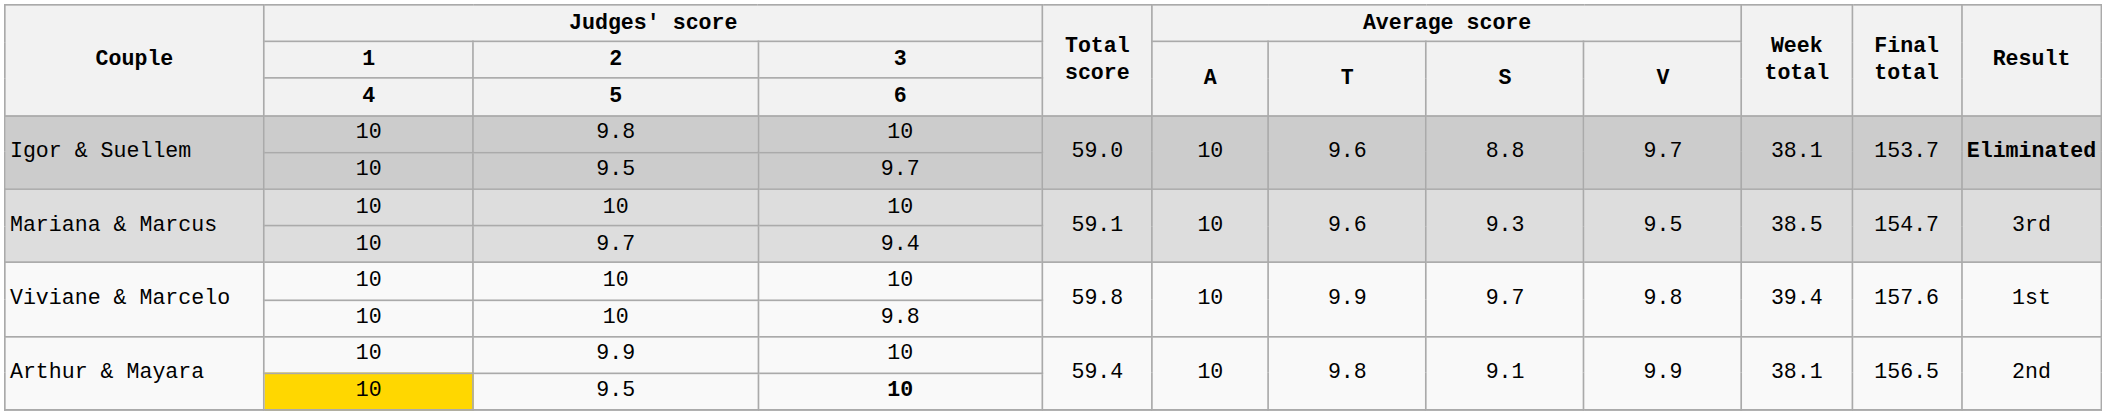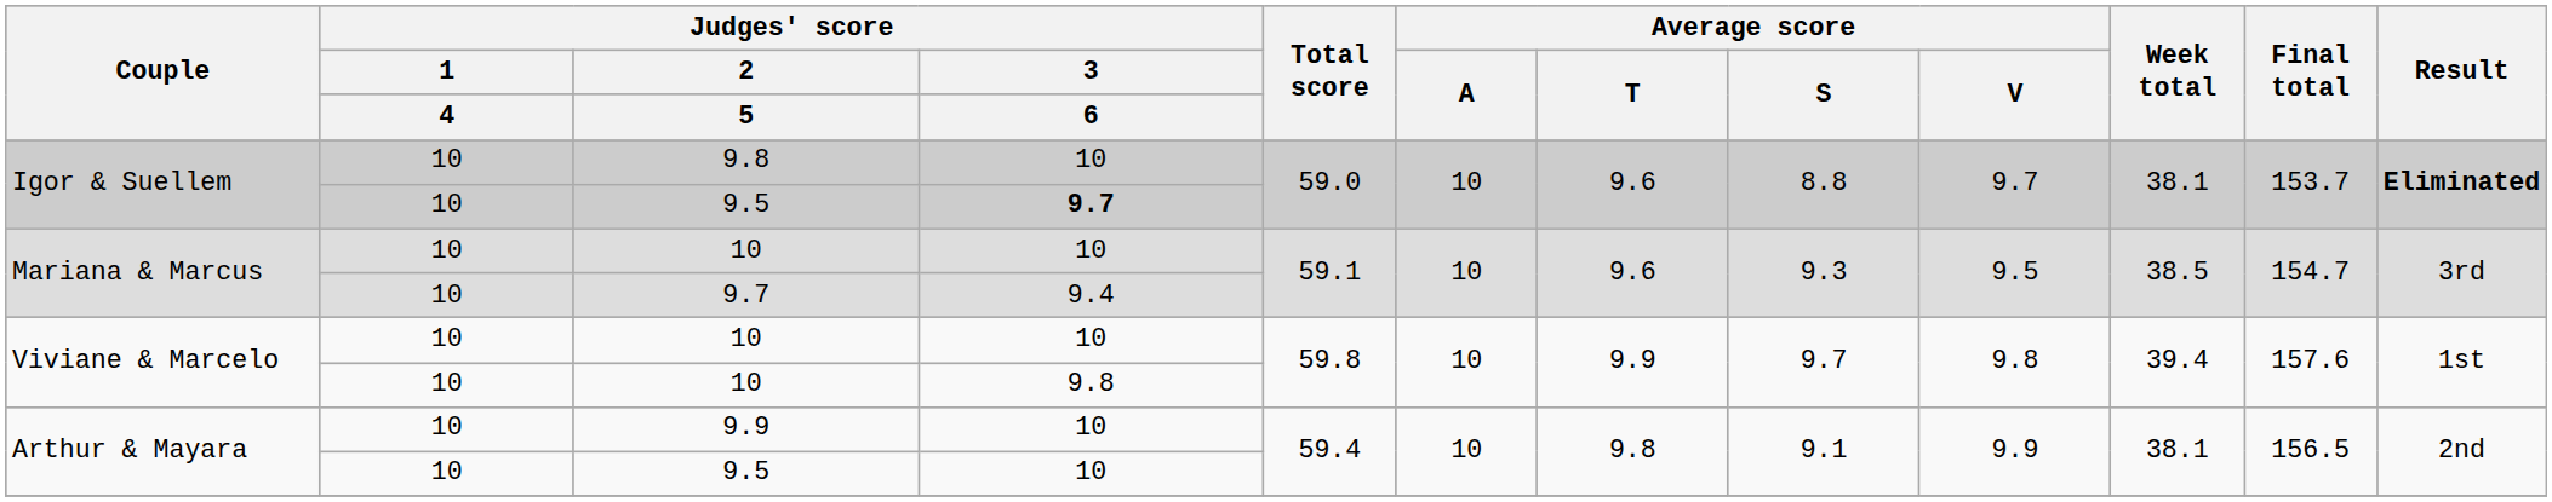 <table class="wikitable" style="font-size:100%; line-height:16px; text-align:center" width="100%">
 <tr>
 <th rowspan=3 width=150>Couple</th>
 <th colspan=3 width=200>Judges' score</th>
 <th rowspan=3 width=060>Total score</th>
 <th colspan=4 width=150>Average score</th>
 <th rowspan=3 width=060>Week total</th>
 <th rowspan=3 width=060>Final total</th>
 <th rowspan=3 width=075>Result</th>
 </tr>
 <tr>
 <th>1</th>
 <th>2</th>
 <th>3</th>
 <th rowspan=2>A</th>
 <th rowspan=2>T</th>
 <th rowspan=2>S</th>
 <th rowspan=2>V</th>
 </tr>
 <tr>
 <th>4</th>
 <th>5</th>
 <th>6</th>
 </tr>
 <tr bgcolor="CCCCCC">
 <td rowspan=2 align="left">Igor & Suellem</td>
 <td>10</td>
 <td>9.8</td>
 <td>10</td>
 <td rowspan=2>59.0</td>
 <td rowspan=2>10</td>
 <td rowspan=2>9.6</td>
 <td rowspan=2>8.8</td>
 <td rowspan=2>9.7</td>
 <td rowspan=2>38.1</td>
 <td rowspan=2>153.7</td>
 <td rowspan=2><strong>Eliminated</strong></td>
 </tr>
 <tr bgcolor="CCCCCC">
 <td>10</td>
 <td>9.5</td>
-<td>9.7</td>
+<td><strong>9.7</strong></td>
 </tr>
 <tr bgcolor="DDDDDD">
 <td align="left" rowspan=2>Mariana & Marcus</td>
 <td>10</td>
 <td>10</td>
 <td>10</td>
 <td rowspan=2>59.1</td>
 <td rowspan=2>10</td>
 <td rowspan=2>9.6</td>
 <td rowspan=2>9.3</td>
 <td rowspan=2>9.5</td>
 <td rowspan=2>38.5</td>
 <td rowspan=2>154.7</td>
 <td rowspan=2>3rd</td>
 </tr>
 <tr bgcolor="DDDDDD">
 <td>10</td>
 <td>9.7</td>
 <td>9.4</td>
 </tr>
 <tr>
 <td align="left" rowspan=2>Viviane & Marcelo</td>
 <td>10</td>
 <td>10</td>
 <td>10</td>
 <td rowspan=2>59.8</td>
 <td rowspan=2>10</td>
 <td rowspan=2>9.9</td>
 <td rowspan=2>9.7</td>
 <td rowspan=2>9.8</td>
 <td rowspan=2>39.4</td>
 <td rowspan=2>157.6</td>
 <td rowspan=2>1st</td>
 </tr>
 <tr>
 <td>10</td>
 <td>10</td>
 <td>9.8</td>
 </tr>
 <tr>
 <td align="left" rowspan=2>Arthur & Mayara</td>
 <td>10</td>
 <td>9.9</td>
 <td>10</td>
 <td rowspan=2>59.4</td>
 <td rowspan=2>10</td>
 <td rowspan=2>9.8</td>
 <td rowspan=2>9.1</td>
 <td rowspan=2>9.9</td>
 <td rowspan=2>38.1</td>
 <td rowspan=2>156.5</td>
 <td rowspan=2>2nd</td>
 </tr>
 <tr>
-<td style="background: gold;">10</td>
+<td>10</td>
 <td>9.5</td>
-<td><strong>10</strong></td>
+<td>10</td>
 </tr>
 <tr>
 </tr>
 </table>
